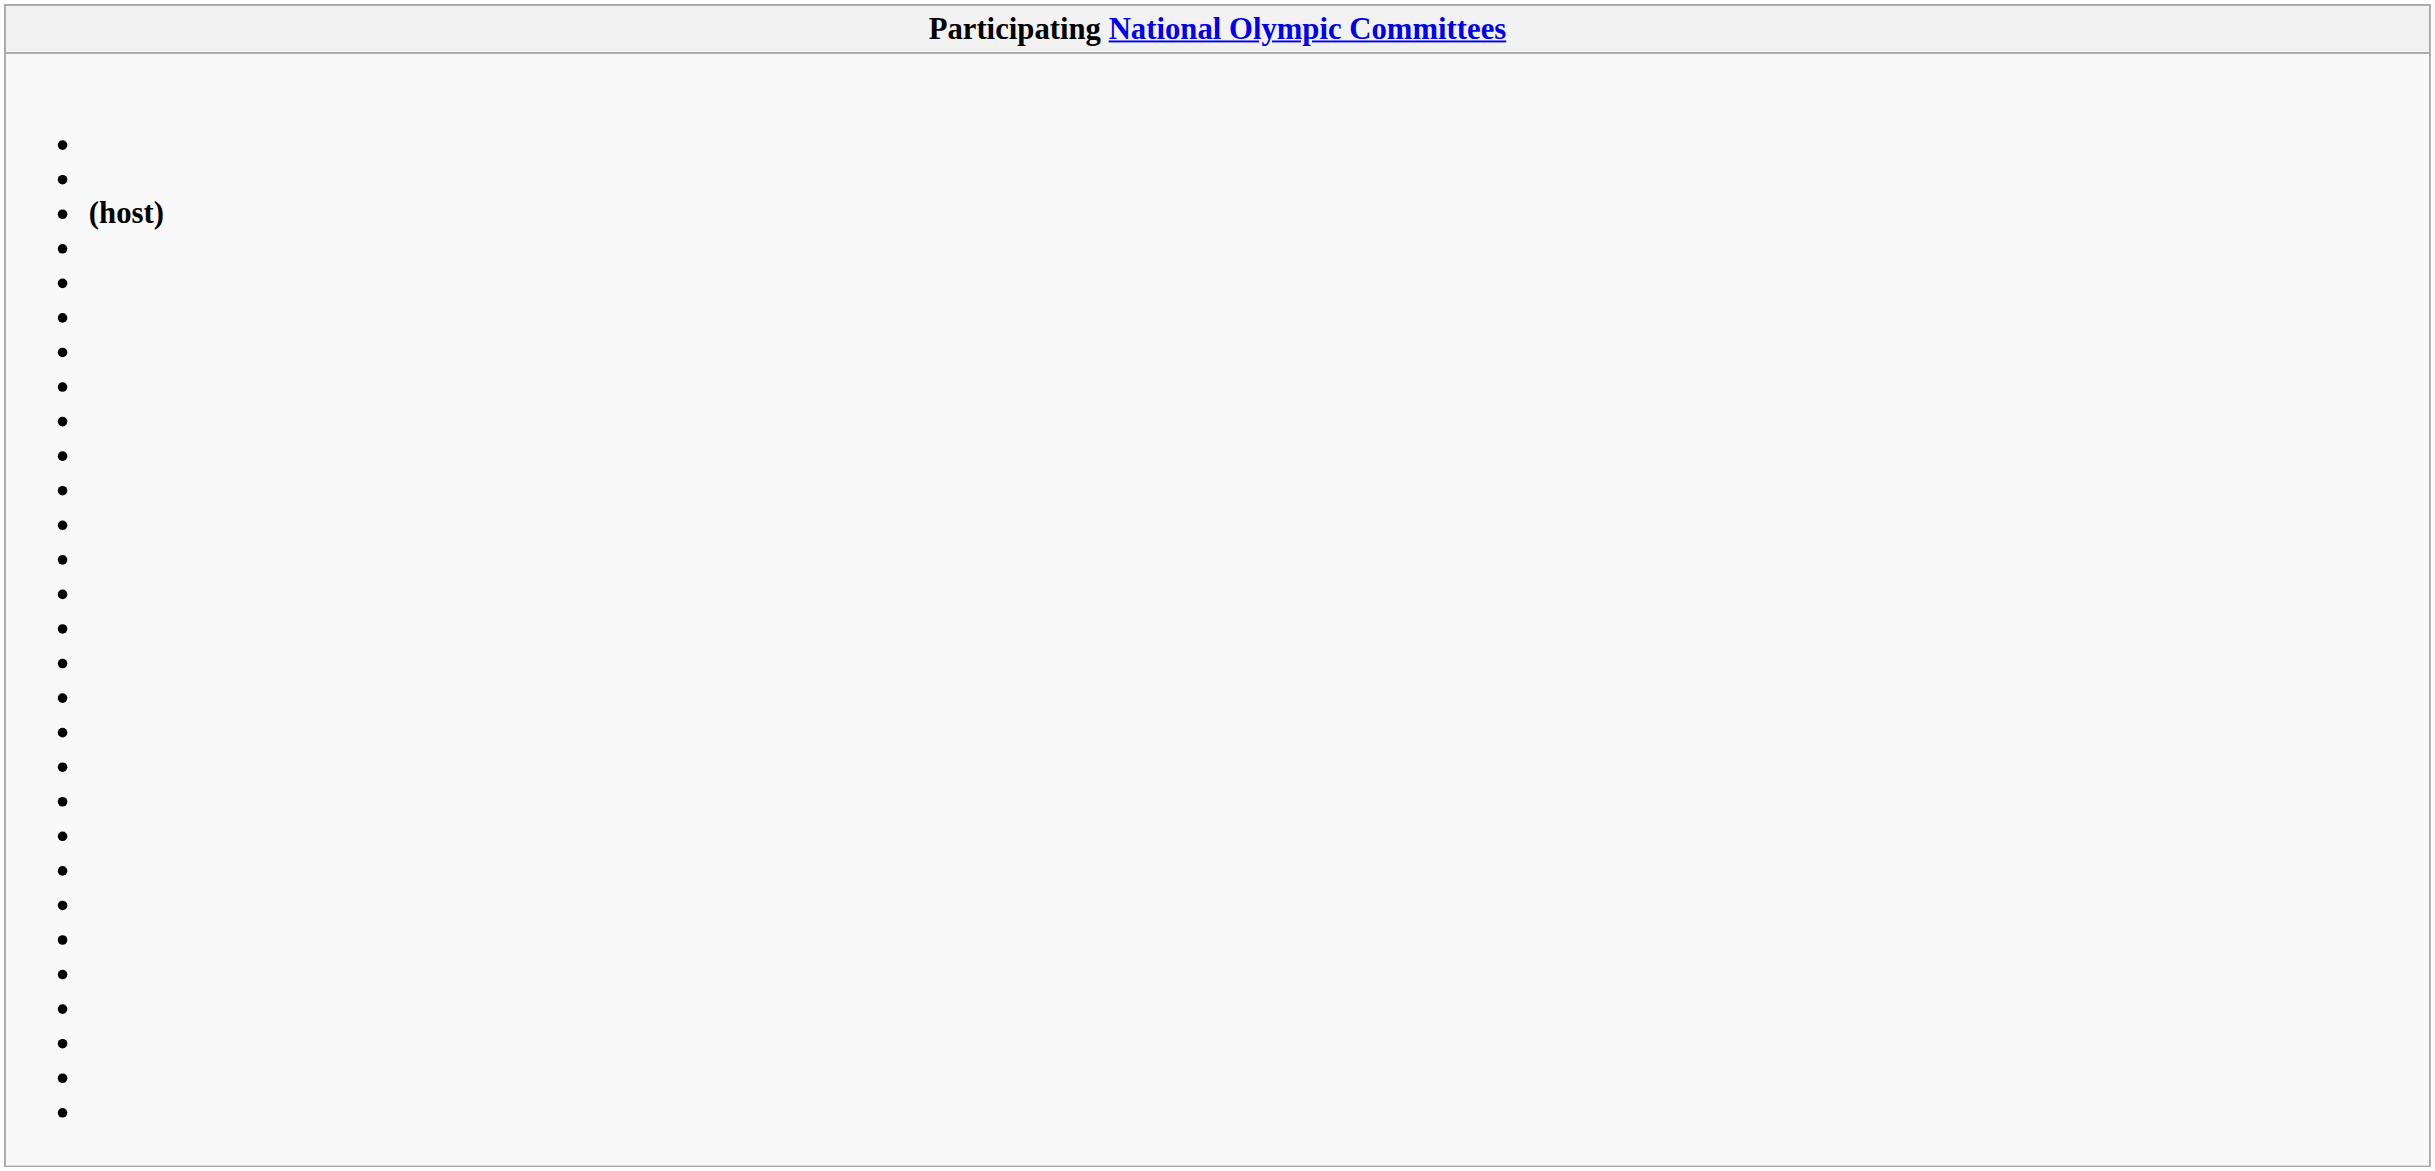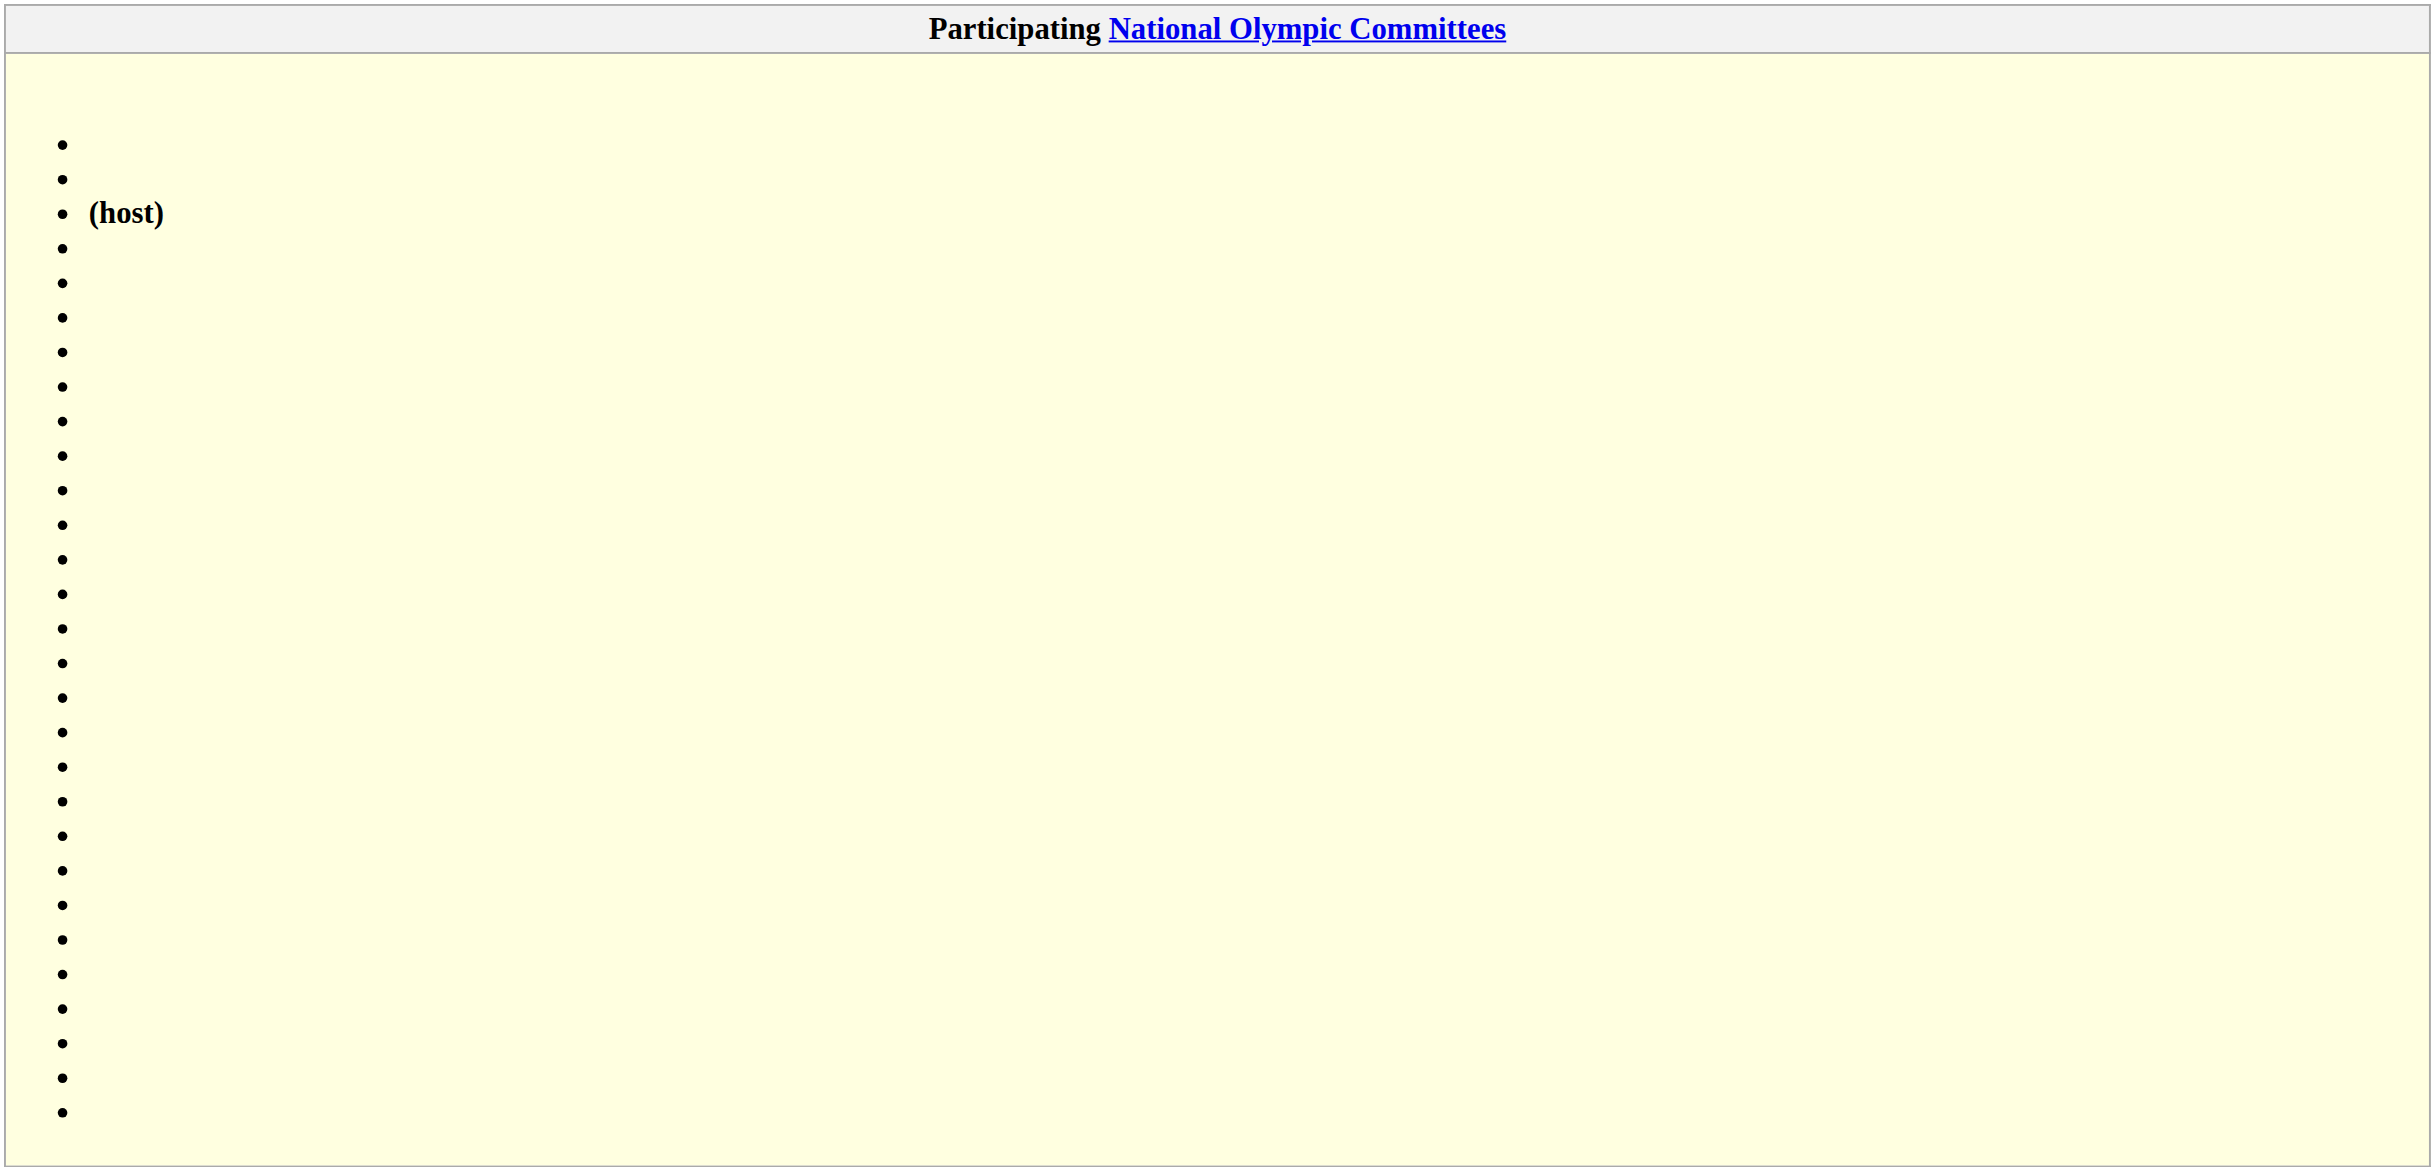 <table class="wikitable collapsible" style="width:100%;">
 <tr>
 <th>Participating <a href='#'>National Olympic Committees</a></th>
 </tr>
 <tr>
-<td><br><ul><li></li><li></li><li> <strong>(host)</strong></li><li></li><li></li><li></li><li></li><li></li><li></li><li></li><li></li><li></li><li></li><li></li><li></li><li></li><li></li><li></li><li></li><li></li><li></li><li></li><li></li><li></li><li></li><li></li><li></li><li></li><li></li></ul></td>
+<td style="background: lightyellow;"><br><ul><li></li><li></li><li> <strong>(host)</strong></li><li></li><li></li><li></li><li></li><li></li><li></li><li></li><li></li><li></li><li></li><li></li><li></li><li></li><li></li><li></li><li></li><li></li><li></li><li></li><li></li><li></li><li></li><li></li><li></li><li></li><li></li></ul></td>
 </tr>
 </table>
